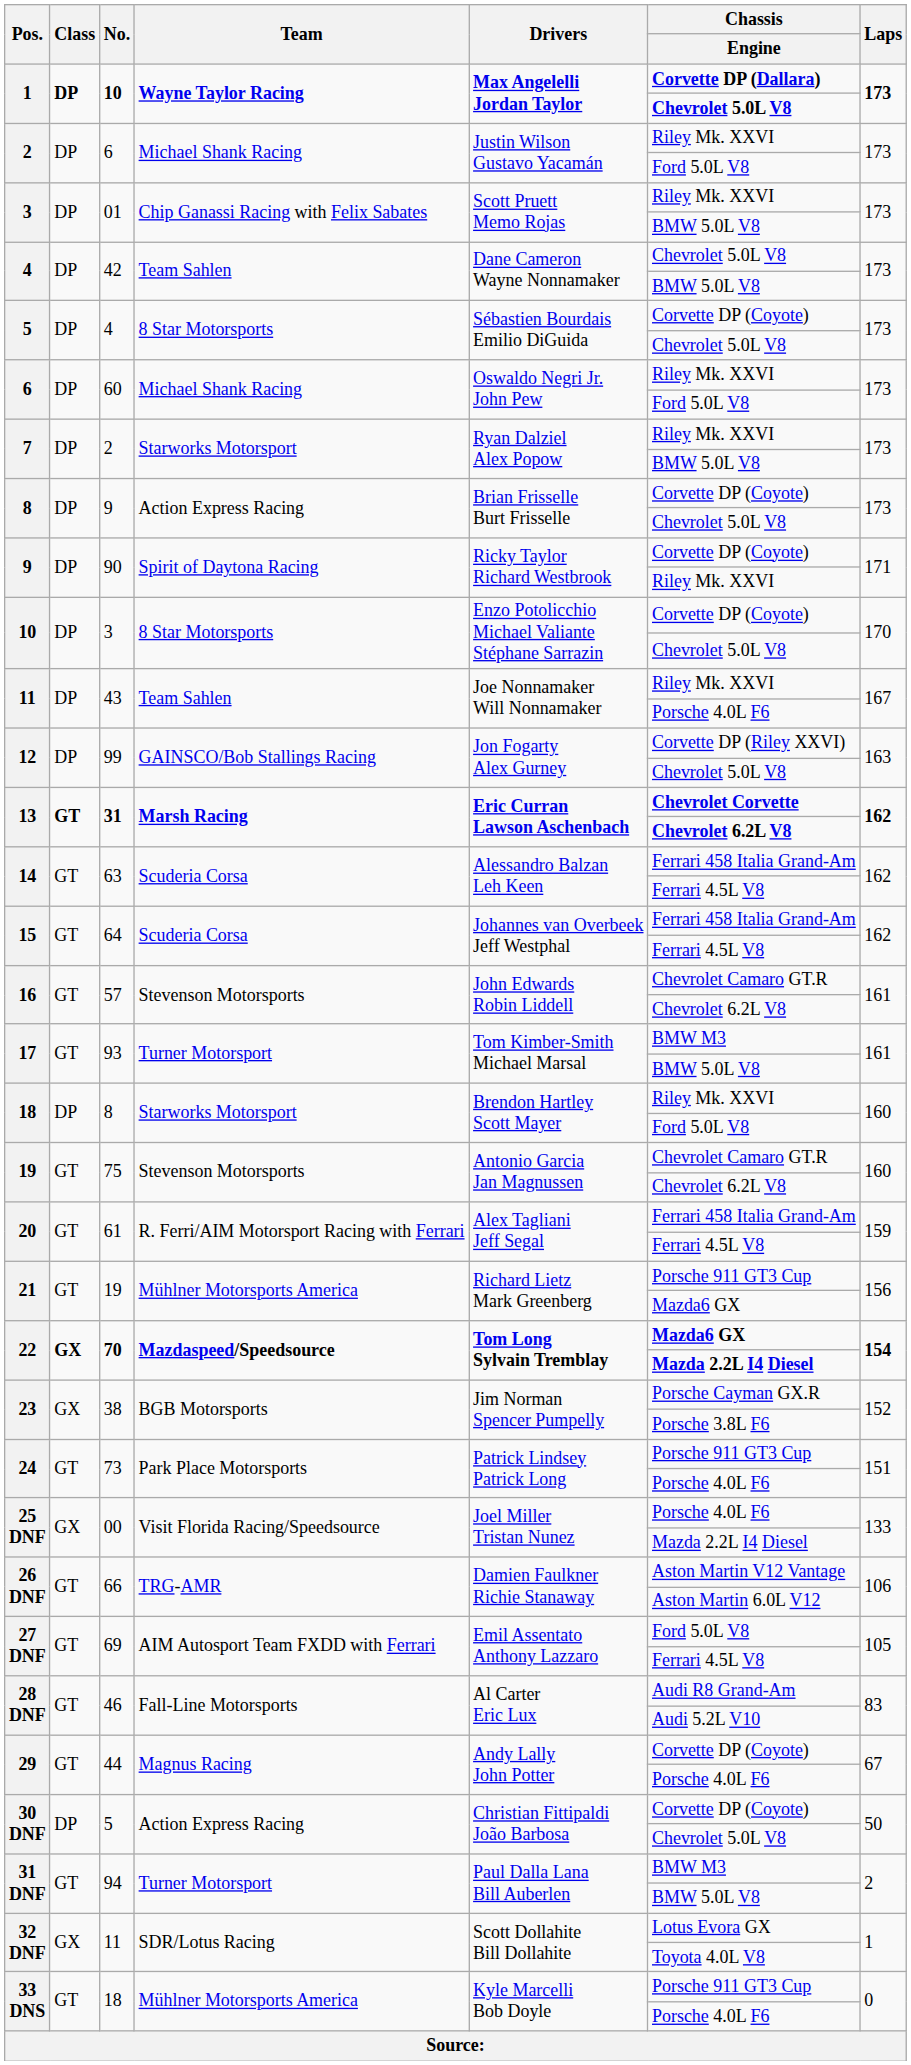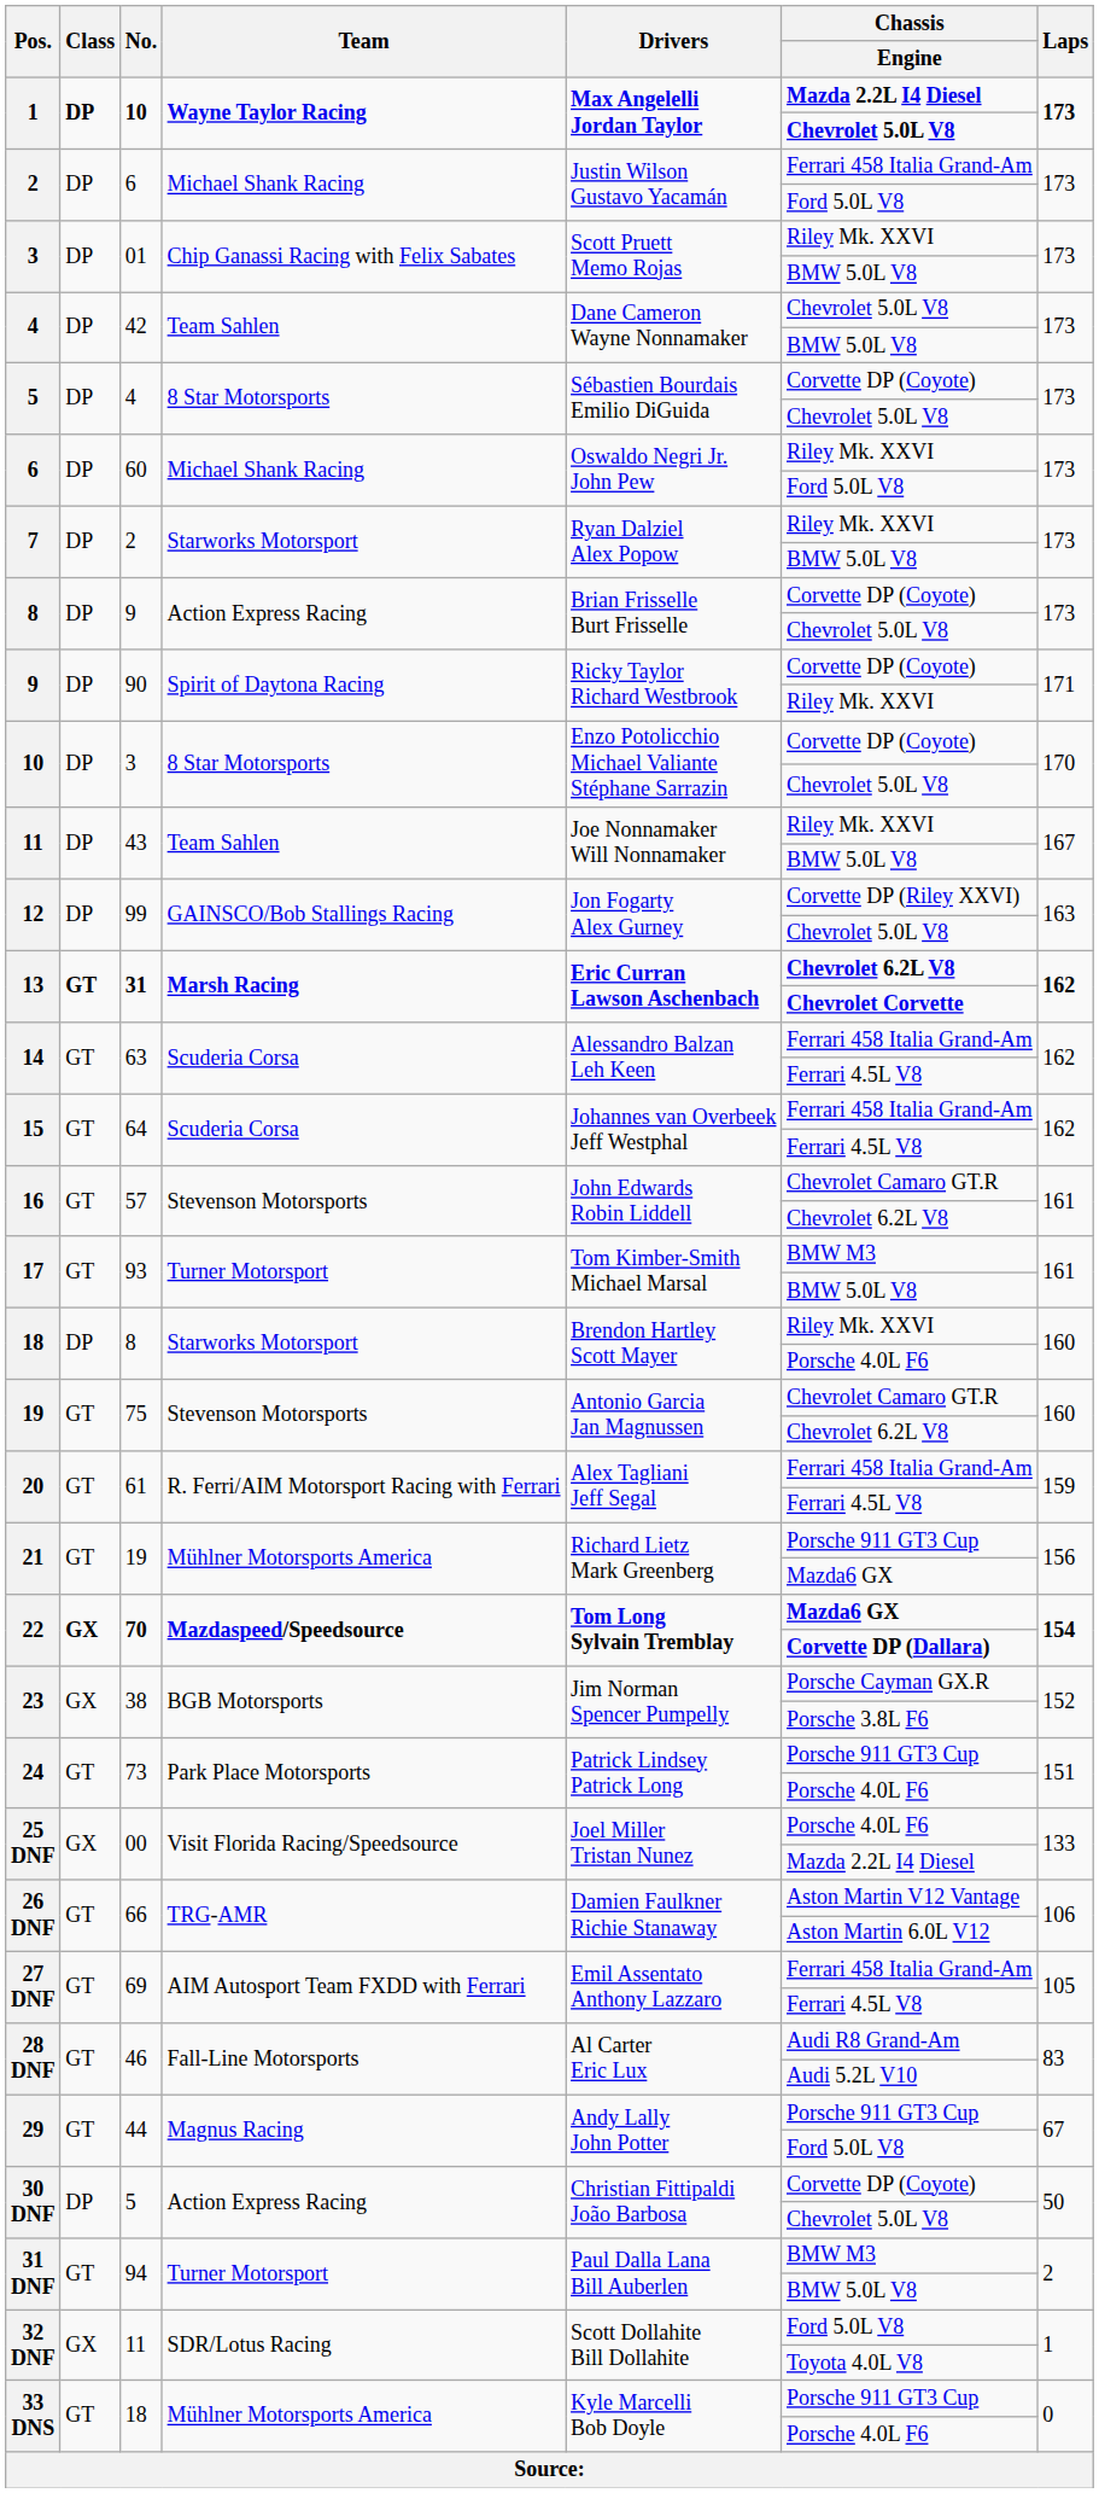 <table class="wikitable" style="font-size: 85%;">
 <tr>
 <th rowspan="2">Pos.</th>
 <th rowspan="2">Class</th>
 <th rowspan="2">No.</th>
 <th rowspan="2">Team</th>
 <th rowspan="2">Drivers</th>
 <th>Chassis</th>
 <th rowspan="2">Laps</th>
 </tr>
 <tr>
 <th>Engine</th>
 </tr>
 <tr>
 <th rowspan="2">1</th>
 <td rowspan="2"><strong>DP</strong></td>
 <td rowspan="2"><strong>10</strong></td>
 <td rowspan="2"><strong> <a href='#'>Wayne Taylor Racing</a></strong></td>
 <td rowspan="2"><strong> <a href='#'>Max Angelelli</a><br> <a href='#'>Jordan Taylor</a></strong></td>
-<td><strong><a href='#'>Corvette</a> DP (<a href='#'>Dallara</a>)</strong></td>
+<td><strong><a href='#'>Mazda</a> 2.2L <a href='#'>I4</a> <a href='#'>Diesel</a></strong></td>
 <td rowspan="2"><strong>173</strong></td>
 </tr>
 <tr>
 <td><strong><a href='#'>Chevrolet</a> 5.0L <a href='#'>V8</a></strong></td>
 </tr>
 <tr>
 <th rowspan="2">2</th>
 <td rowspan="2">DP</td>
 <td rowspan="2">6</td>
 <td rowspan="2"> <a href='#'>Michael Shank Racing</a></td>
 <td rowspan="2"> <a href='#'>Justin Wilson</a><br> <a href='#'>Gustavo Yacamán</a></td>
-<td><a href='#'>Riley</a> Mk. XXVI</td>
+<td><a href='#'>Ferrari 458 Italia Grand-Am</a></td>
 <td rowspan="2">173</td>
 </tr>
 <tr>
 <td><a href='#'>Ford</a> 5.0L <a href='#'>V8</a></td>
 </tr>
 <tr>
 <th rowspan="2">3</th>
 <td rowspan="2">DP</td>
 <td rowspan="2">01</td>
 <td rowspan="2"> <a href='#'>Chip Ganassi Racing</a> with <a href='#'>Felix Sabates</a></td>
 <td rowspan="2"> <a href='#'>Scott Pruett</a><br> <a href='#'>Memo Rojas</a></td>
 <td><a href='#'>Riley</a> Mk. XXVI</td>
 <td rowspan="2">173</td>
 </tr>
 <tr>
 <td><a href='#'>BMW</a> 5.0L <a href='#'>V8</a></td>
 </tr>
 <tr>
 <th rowspan="2">4</th>
 <td rowspan="2">DP</td>
 <td rowspan="2">42</td>
 <td rowspan="2"> <a href='#'>Team Sahlen</a></td>
 <td rowspan="2"> <a href='#'>Dane Cameron</a><br> Wayne Nonnamaker</td>
 <td><a href='#'>Chevrolet</a> 5.0L <a href='#'>V8</a></td>
 <td rowspan="2">173</td>
 </tr>
 <tr>
 <td><a href='#'>BMW</a> 5.0L <a href='#'>V8</a></td>
 </tr>
 <tr>
 <th rowspan="2">5</th>
 <td rowspan="2">DP</td>
 <td rowspan="2">4</td>
 <td rowspan="2"> <a href='#'>8 Star Motorsports</a></td>
 <td rowspan="2"> <a href='#'>Sébastien Bourdais</a><br> Emilio DiGuida</td>
 <td><a href='#'>Corvette</a> DP (<a href='#'>Coyote</a>)</td>
 <td rowspan="2">173</td>
 </tr>
 <tr>
 <td><a href='#'>Chevrolet</a> 5.0L <a href='#'>V8</a></td>
 </tr>
 <tr>
 <th rowspan="2">6</th>
 <td rowspan="2">DP</td>
 <td rowspan="2">60</td>
 <td rowspan="2"> <a href='#'>Michael Shank Racing</a></td>
 <td rowspan="2"> <a href='#'>Oswaldo Negri Jr.</a><br> <a href='#'>John Pew</a></td>
 <td><a href='#'>Riley</a> Mk. XXVI</td>
 <td rowspan="2">173</td>
 </tr>
 <tr>
 <td><a href='#'>Ford</a> 5.0L <a href='#'>V8</a></td>
 </tr>
 <tr>
 <th rowspan="2">7</th>
 <td rowspan="2">DP</td>
 <td rowspan="2">2</td>
 <td rowspan="2"> <a href='#'>Starworks Motorsport</a></td>
 <td rowspan="2"> <a href='#'>Ryan Dalziel</a><br> <a href='#'>Alex Popow</a></td>
 <td><a href='#'>Riley</a> Mk. XXVI</td>
 <td rowspan="2">173</td>
 </tr>
 <tr>
 <td><a href='#'>BMW</a> 5.0L <a href='#'>V8</a></td>
 </tr>
 <tr>
 <th rowspan="2">8</th>
 <td rowspan="2">DP</td>
 <td rowspan="2">9</td>
 <td rowspan="2"> Action Express Racing</td>
 <td rowspan="2"> <a href='#'>Brian Frisselle</a><br> Burt Frisselle</td>
 <td><a href='#'>Corvette</a> DP (<a href='#'>Coyote</a>)</td>
 <td rowspan="2">173</td>
 </tr>
 <tr>
 <td><a href='#'>Chevrolet</a> 5.0L <a href='#'>V8</a></td>
 </tr>
 <tr>
 <th rowspan="2">9</th>
 <td rowspan="2">DP</td>
 <td rowspan="2">90</td>
 <td rowspan="2"> <a href='#'>Spirit of Daytona Racing</a></td>
 <td rowspan="2"> <a href='#'>Ricky Taylor</a><br> <a href='#'>Richard Westbrook</a></td>
 <td><a href='#'>Corvette</a> DP (<a href='#'>Coyote</a>)</td>
 <td rowspan="2">171</td>
 </tr>
 <tr>
 <td><a href='#'>Riley</a> Mk. XXVI</td>
 </tr>
 <tr>
 <th rowspan="2">10</th>
 <td rowspan="2">DP</td>
 <td rowspan="2">3</td>
 <td rowspan="2"> <a href='#'>8 Star Motorsports</a></td>
 <td rowspan="2"> <a href='#'>Enzo Potolicchio</a><br> <a href='#'>Michael Valiante</a><br> <a href='#'>Stéphane Sarrazin</a></td>
 <td><a href='#'>Corvette</a> DP (<a href='#'>Coyote</a>)</td>
 <td rowspan="2">170</td>
 </tr>
 <tr>
 <td><a href='#'>Chevrolet</a> 5.0L <a href='#'>V8</a></td>
 </tr>
 <tr>
 <th rowspan="2">11</th>
 <td rowspan="2">DP</td>
 <td rowspan="2">43</td>
 <td rowspan="2"> <a href='#'>Team Sahlen</a></td>
 <td rowspan="2"> Joe Nonnamaker<br> Will Nonnamaker</td>
 <td><a href='#'>Riley</a> Mk. XXVI</td>
 <td rowspan="2">167</td>
 </tr>
 <tr>
-<td><a href='#'>Porsche</a> 4.0L <a href='#'>F6</a></td>
+<td><a href='#'>BMW</a> 5.0L <a href='#'>V8</a></td>
 </tr>
 <tr>
 <th rowspan="2">12</th>
 <td rowspan="2">DP</td>
 <td rowspan="2">99</td>
 <td rowspan="2"> <a href='#'>GAINSCO/Bob Stallings Racing</a></td>
 <td rowspan="2"> <a href='#'>Jon Fogarty</a><br> <a href='#'>Alex Gurney</a></td>
 <td><a href='#'>Corvette</a> DP (<a href='#'>Riley</a> XXVI)</td>
 <td rowspan="2">163</td>
 </tr>
 <tr>
 <td><a href='#'>Chevrolet</a> 5.0L <a href='#'>V8</a></td>
 </tr>
 <tr>
 <th rowspan="2">13</th>
 <td rowspan="2"><strong>GT</strong></td>
 <td rowspan="2"><strong>31</strong></td>
 <td rowspan="2"><strong> <a href='#'>Marsh Racing</a></strong></td>
 <td rowspan="2"><strong> <a href='#'>Eric Curran</a><br> <a href='#'>Lawson Aschenbach</a></strong></td>
-<td><a href='#'><strong>Chevrolet Corvette</strong></a></td>
+<td><strong><a href='#'>Chevrolet</a> 6.2L <a href='#'>V8</a></strong></td>
 <td rowspan="2"><strong>162</strong></td>
 </tr>
 <tr>
-<td><strong><a href='#'>Chevrolet</a> 6.2L <a href='#'>V8</a></strong></td>
+<td><a href='#'><strong>Chevrolet Corvette</strong></a></td>
 </tr>
 <tr>
 <th rowspan="2">14</th>
 <td rowspan="2">GT</td>
 <td rowspan="2">63</td>
 <td rowspan="2"> <a href='#'>Scuderia Corsa</a></td>
 <td rowspan="2"> <a href='#'>Alessandro Balzan</a><br> <a href='#'>Leh Keen</a></td>
 <td><a href='#'>Ferrari 458 Italia Grand-Am</a></td>
 <td rowspan="2">162</td>
 </tr>
 <tr>
 <td><a href='#'>Ferrari</a> 4.5L <a href='#'>V8</a></td>
 </tr>
 <tr>
 <th rowspan="2">15</th>
 <td rowspan="2">GT</td>
 <td rowspan="2">64</td>
 <td rowspan="2"> <a href='#'>Scuderia Corsa</a></td>
 <td rowspan="2"> <a href='#'>Johannes van Overbeek</a><br> Jeff Westphal</td>
 <td><a href='#'>Ferrari 458 Italia Grand-Am</a></td>
 <td rowspan="2">162</td>
 </tr>
 <tr>
 <td><a href='#'>Ferrari</a> 4.5L <a href='#'>V8</a></td>
 </tr>
 <tr>
 <th rowspan="2">16</th>
 <td rowspan="2">GT</td>
 <td rowspan="2">57</td>
 <td rowspan="2"> Stevenson Motorsports</td>
 <td rowspan="2"> <a href='#'>John Edwards</a><br> <a href='#'>Robin Liddell</a></td>
 <td><a href='#'>Chevrolet Camaro</a> GT.R</td>
 <td rowspan="2">161</td>
 </tr>
 <tr>
 <td><a href='#'>Chevrolet</a> 6.2L <a href='#'>V8</a></td>
 </tr>
 <tr>
 <th rowspan="2">17</th>
 <td rowspan="2">GT</td>
 <td rowspan="2">93</td>
 <td rowspan="2"> <a href='#'>Turner Motorsport</a></td>
 <td rowspan="2"> <a href='#'>Tom Kimber-Smith</a><br> Michael Marsal</td>
 <td><a href='#'>BMW M3</a></td>
 <td rowspan="2">161</td>
 </tr>
 <tr>
 <td><a href='#'>BMW</a> 5.0L <a href='#'>V8</a></td>
 </tr>
 <tr>
 <th rowspan="2">18</th>
 <td rowspan="2">DP</td>
 <td rowspan="2">8</td>
 <td rowspan="2"> <a href='#'>Starworks Motorsport</a></td>
 <td rowspan="2"> <a href='#'>Brendon Hartley</a><br> <a href='#'>Scott Mayer</a></td>
 <td><a href='#'>Riley</a> Mk. XXVI</td>
 <td rowspan="2">160</td>
 </tr>
 <tr>
-<td><a href='#'>Ford</a> 5.0L <a href='#'>V8</a></td>
+<td><a href='#'>Porsche</a> 4.0L <a href='#'>F6</a></td>
 </tr>
 <tr>
 <th rowspan="2">19</th>
 <td rowspan="2">GT</td>
 <td rowspan="2">75</td>
 <td rowspan="2"> Stevenson Motorsports</td>
 <td rowspan="2"> <a href='#'>Antonio Garcia</a><br> <a href='#'>Jan Magnussen</a></td>
 <td><a href='#'>Chevrolet Camaro</a> GT.R</td>
 <td rowspan="2">160</td>
 </tr>
 <tr>
 <td><a href='#'>Chevrolet</a> 6.2L <a href='#'>V8</a></td>
 </tr>
 <tr>
 <th rowspan="2">20</th>
 <td rowspan="2">GT</td>
 <td rowspan="2">61</td>
 <td rowspan="2"> R. Ferri/AIM Motorsport Racing with <a href='#'>Ferrari</a></td>
 <td rowspan="2"> <a href='#'>Alex Tagliani</a><br> <a href='#'>Jeff Segal</a></td>
 <td><a href='#'>Ferrari 458 Italia Grand-Am</a></td>
 <td rowspan="2">159</td>
 </tr>
 <tr>
 <td><a href='#'>Ferrari</a> 4.5L <a href='#'>V8</a></td>
 </tr>
 <tr>
 <th rowspan="2">21</th>
 <td rowspan="2">GT</td>
 <td rowspan="2">19</td>
 <td rowspan="2"> <a href='#'>Mühlner Motorsports America</a></td>
 <td rowspan="2"> <a href='#'>Richard Lietz</a><br> Mark Greenberg</td>
 <td><a href='#'>Porsche 911 GT3 Cup</a></td>
 <td rowspan="2">156</td>
 </tr>
 <tr>
 <td><a href='#'>Mazda6</a> GX</td>
 </tr>
 <tr>
 <th rowspan="2">22</th>
 <td rowspan="2"><strong>GX</strong></td>
 <td rowspan="2"><strong>70</strong></td>
 <td rowspan="2"><strong> <a href='#'>Mazdaspeed</a>/Speedsource</strong></td>
 <td rowspan="2"><strong> <a href='#'>Tom Long</a><br> Sylvain Tremblay</strong></td>
 <td><strong><a href='#'>Mazda6</a> GX</strong></td>
 <td rowspan="2"><strong>154</strong></td>
 </tr>
 <tr>
-<td><strong><a href='#'>Mazda</a> 2.2L <a href='#'>I4</a> <a href='#'>Diesel</a></strong></td>
+<td><strong><a href='#'>Corvette</a> DP (<a href='#'>Dallara</a>)</strong></td>
 </tr>
 <tr>
 <th rowspan="2">23</th>
 <td rowspan="2">GX</td>
 <td rowspan="2">38</td>
 <td rowspan="2"> BGB Motorsports</td>
 <td rowspan="2"> Jim Norman<br> <a href='#'>Spencer Pumpelly</a></td>
 <td><a href='#'>Porsche Cayman</a> GX.R</td>
 <td rowspan="2">152</td>
 </tr>
 <tr>
 <td><a href='#'>Porsche</a> 3.8L <a href='#'>F6</a></td>
 </tr>
 <tr>
 <th rowspan="2">24</th>
 <td rowspan="2">GT</td>
 <td rowspan="2">73</td>
 <td rowspan="2"> Park Place Motorsports</td>
 <td rowspan="2"> <a href='#'>Patrick Lindsey</a><br> <a href='#'>Patrick Long</a></td>
 <td><a href='#'>Porsche 911 GT3 Cup</a></td>
 <td rowspan="2">151</td>
 </tr>
 <tr>
 <td><a href='#'>Porsche</a> 4.0L <a href='#'>F6</a></td>
 </tr>
 <tr>
 <th rowspan="2">25<br>DNF</th>
 <td rowspan="2">GX</td>
 <td rowspan="2">00</td>
 <td rowspan="2"> Visit Florida Racing/Speedsource</td>
 <td rowspan="2"> <a href='#'>Joel Miller</a><br> <a href='#'>Tristan Nunez</a></td>
 <td><a href='#'>Porsche</a> 4.0L <a href='#'>F6</a></td>
 <td rowspan="2">133</td>
 </tr>
 <tr>
 <td><a href='#'>Mazda</a> 2.2L <a href='#'>I4</a> <a href='#'>Diesel</a></td>
 </tr>
 <tr>
 <th rowspan="2">26<br>DNF</th>
 <td rowspan="2">GT</td>
 <td rowspan="2">66</td>
 <td rowspan="2"> <a href='#'>TRG</a>-<a href='#'>AMR</a></td>
 <td rowspan="2"> <a href='#'>Damien Faulkner</a><br> <a href='#'>Richie Stanaway</a></td>
 <td><a href='#'>Aston Martin V12 Vantage</a></td>
 <td rowspan="2">106</td>
 </tr>
 <tr>
 <td><a href='#'>Aston Martin</a> 6.0L <a href='#'>V12</a></td>
 </tr>
 <tr>
 <th rowspan="2">27<br>DNF</th>
 <td rowspan="2">GT</td>
 <td rowspan="2">69</td>
 <td rowspan="2"> AIM Autosport Team FXDD with <a href='#'>Ferrari</a></td>
 <td rowspan="2"> <a href='#'>Emil Assentato</a><br> <a href='#'>Anthony Lazzaro</a></td>
-<td><a href='#'>Ford</a> 5.0L <a href='#'>V8</a></td>
+<td><a href='#'>Ferrari 458 Italia Grand-Am</a></td>
 <td rowspan="2">105</td>
 </tr>
 <tr>
 <td><a href='#'>Ferrari</a> 4.5L <a href='#'>V8</a></td>
 </tr>
 <tr>
 <th rowspan="2">28<br>DNF</th>
 <td rowspan="2">GT</td>
 <td rowspan="2">46</td>
 <td rowspan="2"> Fall-Line Motorsports</td>
 <td rowspan="2"> Al Carter<br> <a href='#'>Eric Lux</a></td>
 <td><a href='#'>Audi R8 Grand-Am</a></td>
 <td rowspan="2">83</td>
 </tr>
 <tr>
 <td><a href='#'>Audi</a> 5.2L <a href='#'>V10</a></td>
 </tr>
 <tr>
 <th rowspan="2">29</th>
 <td rowspan="2">GT</td>
 <td rowspan="2">44</td>
 <td rowspan="2"> <a href='#'>Magnus Racing</a></td>
 <td rowspan="2"> <a href='#'>Andy Lally</a><br> <a href='#'>John Potter</a></td>
-<td><a href='#'>Corvette</a> DP (<a href='#'>Coyote</a>)</td>
+<td><a href='#'>Porsche 911 GT3 Cup</a></td>
 <td rowspan="2">67</td>
 </tr>
 <tr>
-<td><a href='#'>Porsche</a> 4.0L <a href='#'>F6</a></td>
+<td><a href='#'>Ford</a> 5.0L <a href='#'>V8</a></td>
 </tr>
 <tr>
 <th rowspan="2">30<br>DNF</th>
 <td rowspan="2">DP</td>
 <td rowspan="2">5</td>
 <td rowspan="2"> Action Express Racing</td>
 <td rowspan="2"> <a href='#'>Christian Fittipaldi</a><br> <a href='#'>João Barbosa</a></td>
 <td><a href='#'>Corvette</a> DP (<a href='#'>Coyote</a>)</td>
 <td rowspan="2">50</td>
 </tr>
 <tr>
 <td><a href='#'>Chevrolet</a> 5.0L <a href='#'>V8</a></td>
 </tr>
 <tr>
 <th rowspan="2">31<br>DNF</th>
 <td rowspan="2">GT</td>
 <td rowspan="2">94</td>
 <td rowspan="2"> <a href='#'>Turner Motorsport</a></td>
 <td rowspan="2"> <a href='#'>Paul Dalla Lana</a><br> <a href='#'>Bill Auberlen</a></td>
 <td><a href='#'>BMW M3</a></td>
 <td rowspan="2">2</td>
 </tr>
 <tr>
 <td><a href='#'>BMW</a> 5.0L <a href='#'>V8</a></td>
 </tr>
 <tr>
 <th rowspan="2">32<br>DNF</th>
 <td rowspan="2">GX</td>
 <td rowspan="2">11</td>
 <td rowspan="2"> SDR/Lotus Racing</td>
 <td rowspan="2"> Scott Dollahite<br> Bill Dollahite</td>
-<td><a href='#'>Lotus Evora</a> GX</td>
+<td><a href='#'>Ford</a> 5.0L <a href='#'>V8</a></td>
 <td rowspan="2">1</td>
 </tr>
 <tr>
 <td><a href='#'>Toyota</a> 4.0L <a href='#'>V8</a></td>
 </tr>
 <tr>
 <th rowspan="2">33<br>DNS</th>
 <td rowspan="2">GT</td>
 <td rowspan="2">18</td>
 <td rowspan="2"> <a href='#'>Mühlner Motorsports America</a></td>
 <td rowspan="2"> <a href='#'>Kyle Marcelli</a><br> Bob Doyle</td>
 <td><a href='#'>Porsche 911 GT3 Cup</a></td>
 <td rowspan="2">0</td>
 </tr>
 <tr>
 <td><a href='#'>Porsche</a> 4.0L <a href='#'>F6</a></td>
 </tr>
 <tr>
 <th colspan="7">Source:</th>
 </tr>
 </table>
